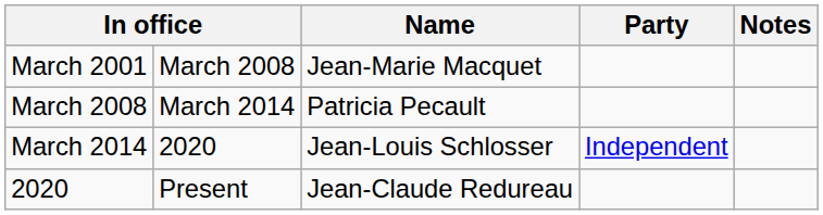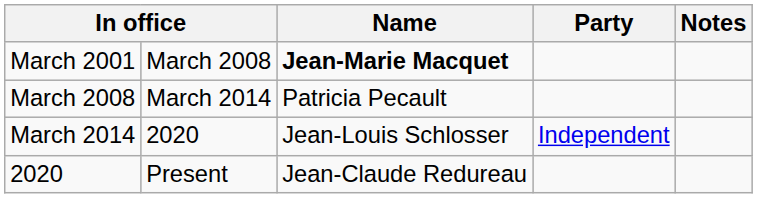 <table class="wikitable">
 <tr>
 <th colspan="2">In office</th>
 <th>Name</th>
 <th>Party</th>
 <th>Notes</th>
 </tr>
 <tr>
 <td>March 2001</td>
 <td>March 2008</td>
-<td>Jean-Marie Macquet</td>
+<td><strong>Jean-Marie Macquet</strong></td>
 <td></td>
 <td></td>
 </tr>
 <tr>
 <td>March 2008</td>
 <td>March 2014</td>
 <td>Patricia Pecault</td>
 <td></td>
 <td></td>
 </tr>
 <tr>
 <td>March 2014</td>
 <td>2020</td>
 <td>Jean-Louis Schlosser</td>
 <td><a href='#'>Independent</a></td>
 <td></td>
 </tr>
 <tr>
 <td>2020</td>
 <td>Present</td>
 <td>Jean-Claude Redureau</td>
 <td></td>
 <td></td>
 </tr>
 </table>
